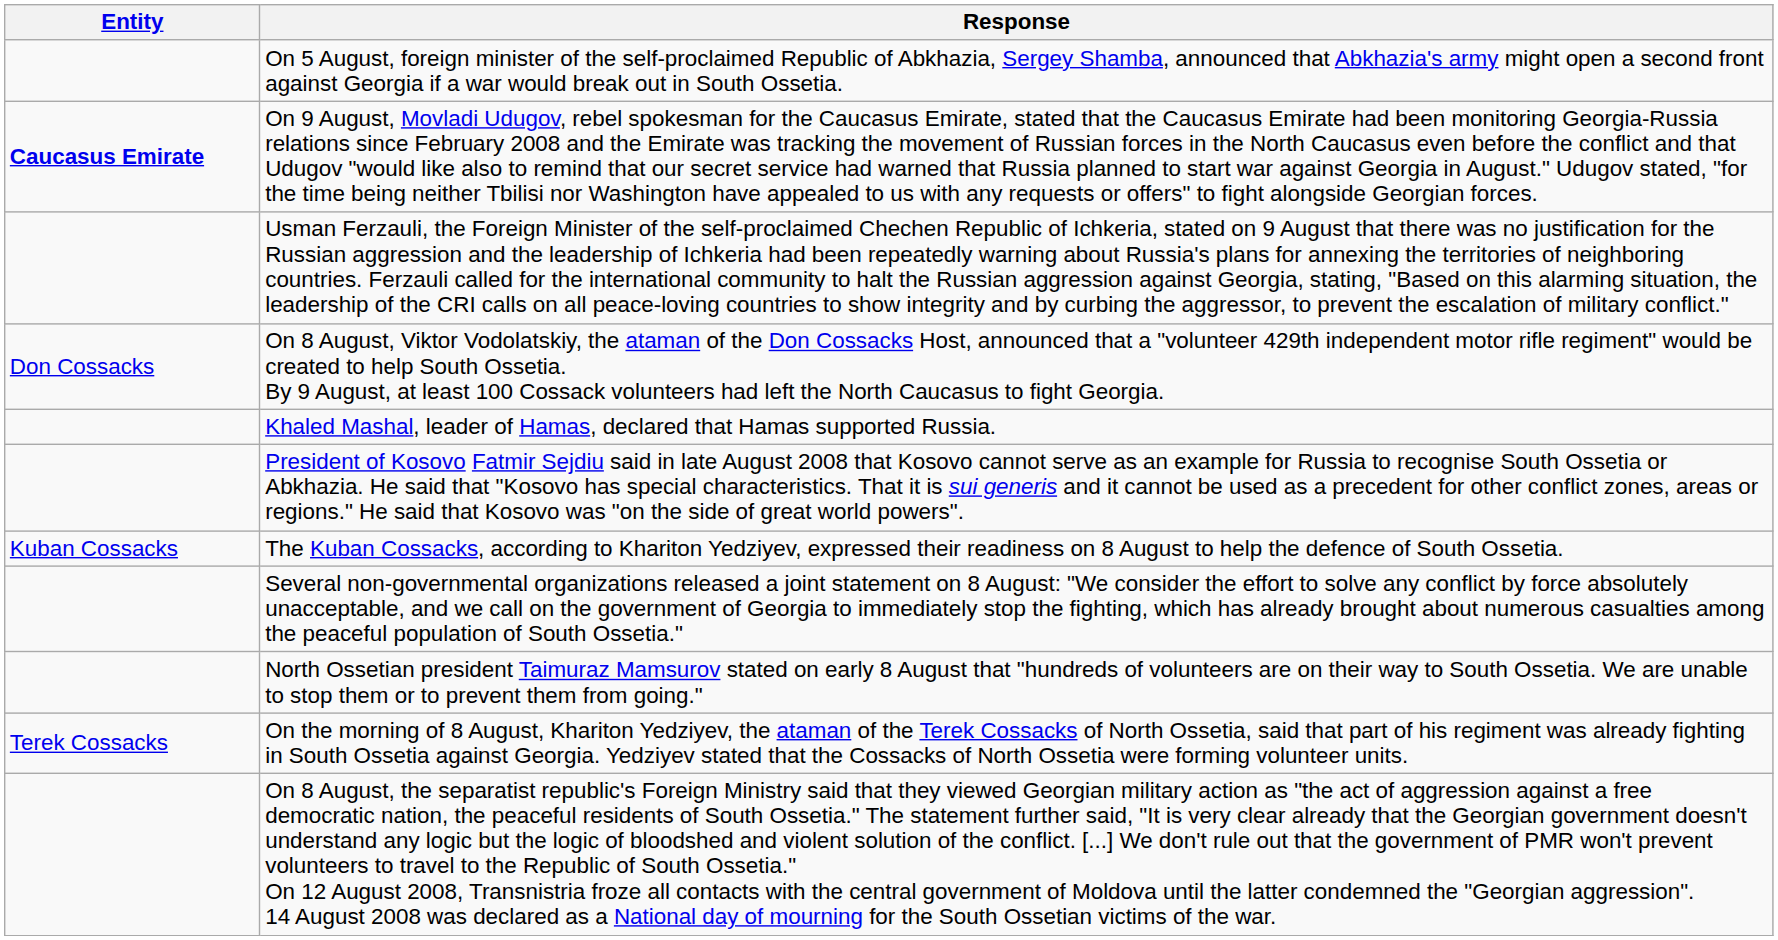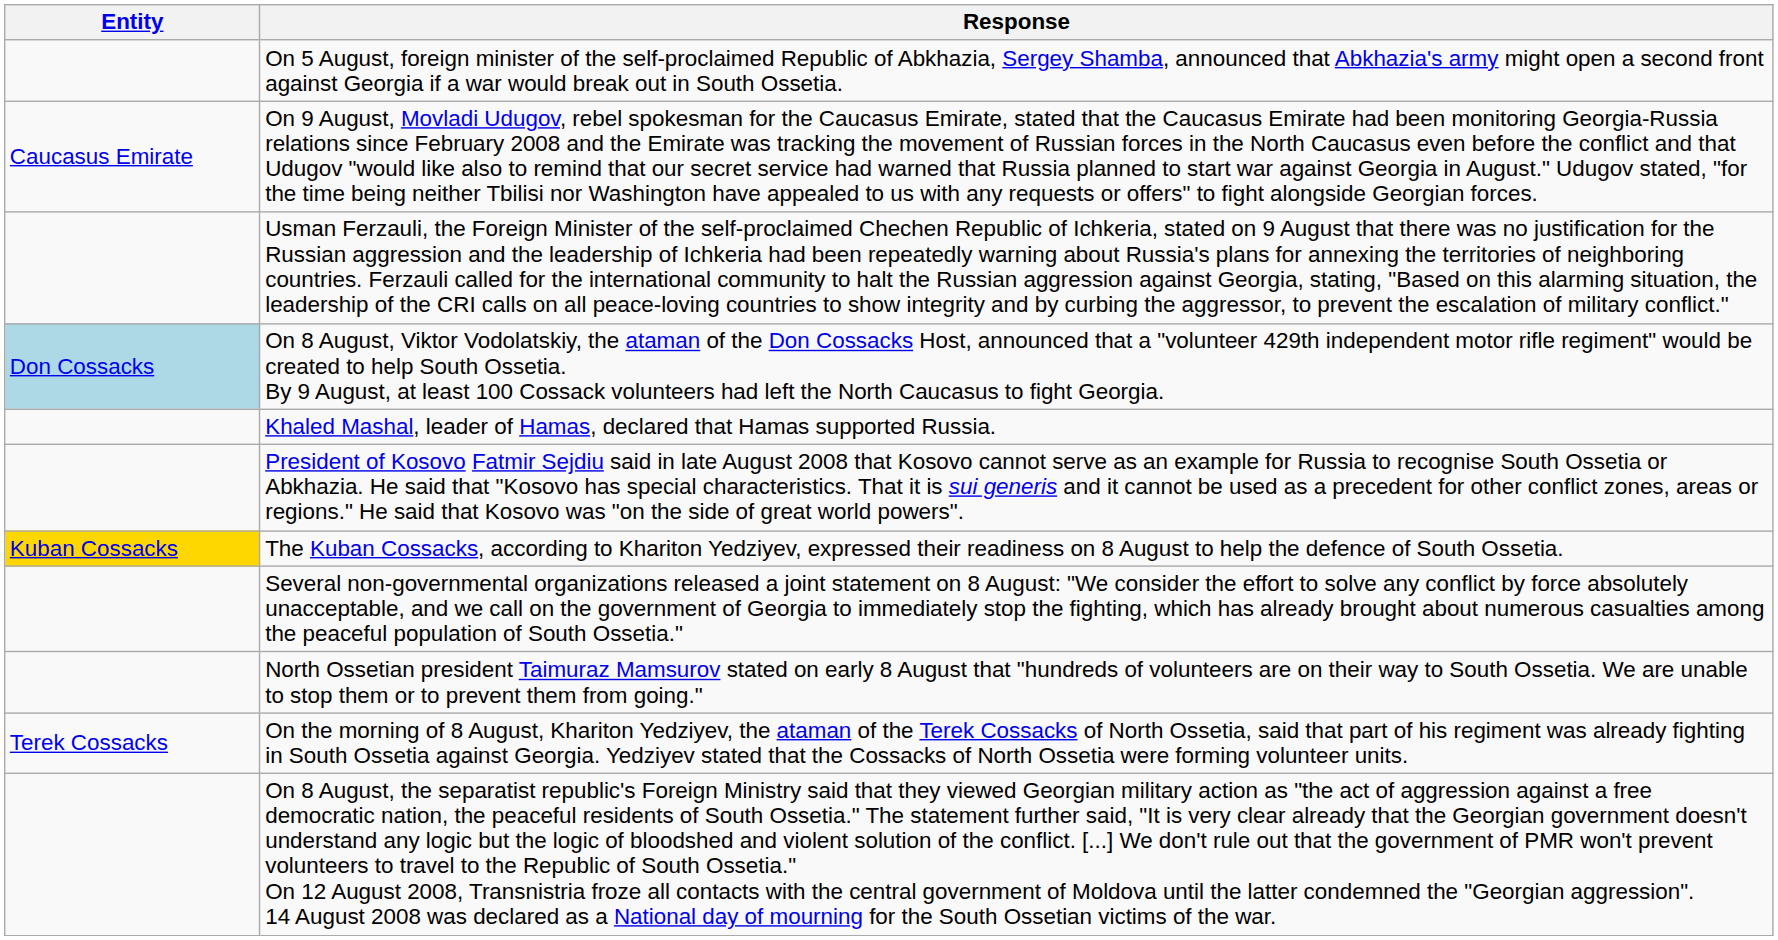 <table class="wikitable" style="margin:auto; width:100%;">
 <tr>
 <th style="width:175px;"><a href='#'>Entity</a></th>
 <th>Response</th>
 </tr>
 <tr>
 <td></td>
 <td>On 5 August, foreign minister of the self-proclaimed Republic of Abkhazia, <a href='#'>Sergey Shamba</a>, announced that <a href='#'>Abkhazia's army</a> might open a second front against Georgia if a war would break out in South Ossetia.</td>
 </tr>
 <tr>
-<td><strong> <a href='#'>Caucasus Emirate</a></strong></td>
+<td> <a href='#'>Caucasus Emirate</a></td>
 <td>On 9 August, <a href='#'>Movladi Udugov</a>, rebel spokesman for the Caucasus Emirate, stated that the Caucasus Emirate had been monitoring Georgia-Russia relations since February 2008 and the Emirate was tracking the movement of Russian forces in the North Caucasus even before the conflict and that Udugov "would like also to remind that our secret service had warned that Russia planned to start war against Georgia in August." Udugov stated, "for the time being neither Tbilisi nor Washington have appealed to us with any requests or offers" to fight alongside Georgian forces.</td>
 </tr>
 <tr>
 <td></td>
 <td>Usman Ferzauli, the Foreign Minister of the self-proclaimed Chechen Republic of Ichkeria, stated on 9 August that there was no justification for the Russian aggression and the leadership of Ichkeria had been repeatedly warning about Russia's plans for annexing the territories of neighboring countries. Ferzauli called for the international community to halt the Russian aggression against Georgia, stating, "Based on this alarming situation, the leadership of the CRI calls on all peace-loving countries to show integrity and by curbing the aggressor, to prevent the escalation of military conflict."</td>
 </tr>
 <tr>
-<td> <a href='#'>Don Cossacks</a></td>
+<td style="background: lightblue;"> <a href='#'>Don Cossacks</a></td>
 <td>On 8 August, Viktor Vodolatskiy, the <a href='#'>ataman</a> of the <a href='#'>Don Cossacks</a> Host, announced that a "volunteer 429th independent motor rifle regiment" would be created to help South Ossetia.<br>By 9 August, at least 100 Cossack volunteers had left the North Caucasus to fight Georgia.</td>
 </tr>
 <tr>
 <td></td>
 <td><a href='#'>Khaled Mashal</a>, leader of <a href='#'>Hamas</a>, declared that Hamas supported Russia.</td>
 </tr>
 <tr>
 <td></td>
 <td><a href='#'>President of Kosovo</a> <a href='#'>Fatmir Sejdiu</a> said in late August 2008 that Kosovo cannot serve as an example for Russia to recognise South Ossetia or Abkhazia. He said that "Kosovo has special characteristics. That it is <em><a href='#'>sui generis</a></em> and it cannot be used as a precedent for other conflict zones, areas or regions." He said that Kosovo was "on the side of great world powers".</td>
 </tr>
 <tr>
-<td><a href='#'>Kuban Cossacks</a></td>
+<td style="background: gold;"><a href='#'>Kuban Cossacks</a></td>
 <td>The <a href='#'>Kuban Cossacks</a>, according to Khariton Yedziyev, expressed their readiness on 8 August to help the defence of South Ossetia.</td>
 </tr>
 <tr>
 <td></td>
 <td>Several non-governmental organizations released a joint statement on 8 August: "We consider the effort to solve any conflict by force absolutely unacceptable, and we call on the government of Georgia to immediately stop the fighting, which has already brought about numerous casualties among the peaceful population of South Ossetia."</td>
 </tr>
 <tr>
 <td></td>
 <td>North Ossetian president <a href='#'>Taimuraz Mamsurov</a> stated on early 8 August that "hundreds of volunteers are on their way to South Ossetia. We are unable to stop them or to prevent them from going."</td>
 </tr>
 <tr>
 <td><a href='#'>Terek Cossacks</a></td>
 <td>On the morning of 8 August, Khariton Yedziyev, the <a href='#'>ataman</a> of the <a href='#'>Terek Cossacks</a> of North Ossetia, said that part of his regiment was already fighting in South Ossetia against Georgia. Yedziyev stated that the Cossacks of North Ossetia were forming volunteer units.</td>
 </tr>
 <tr>
 <td></td>
 <td>On 8 August, the separatist republic's Foreign Ministry said that they viewed Georgian military action as "the act of aggression against a free democratic nation, the peaceful residents of South Ossetia." The statement further said, "It is very clear already that the Georgian government doesn't understand any logic but the logic of bloodshed and violent solution of the conflict. [...] We don't rule out that the government of PMR won't prevent volunteers to travel to the Republic of South Ossetia."<br>On 12 August 2008, Transnistria froze all contacts with the central government of Moldova until the latter condemned the "Georgian aggression".<br>14 August 2008 was declared as a <a href='#'>National day of mourning</a> for the South Ossetian victims of the war.</td>
 </tr>
 </table>
